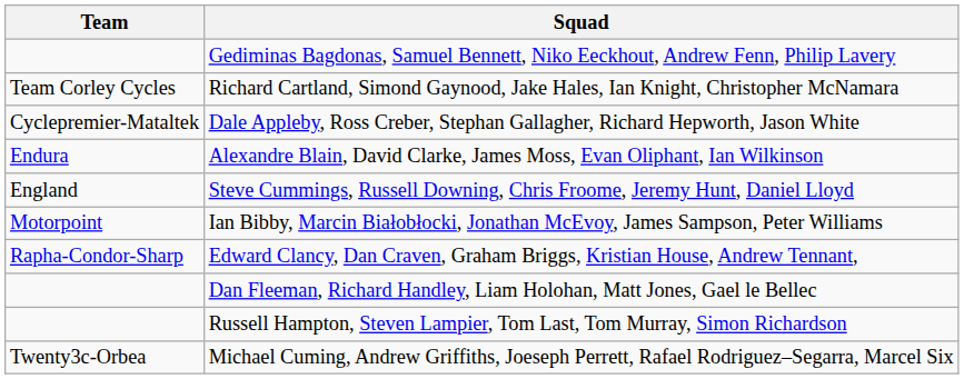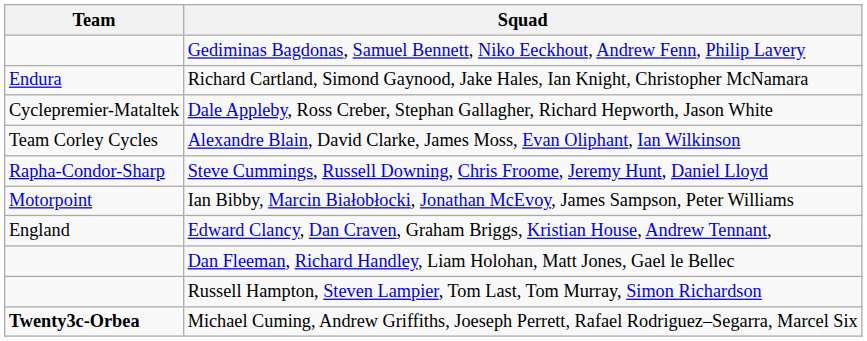 <table class="wikitable" style="font-size:90%">
 <tr>
 <th>Team</th>
 <th>Squad</th>
 </tr>
 <tr>
 <td></td>
 <td><a href='#'>Gediminas Bagdonas</a>, <a href='#'>Samuel Bennett</a>, <a href='#'>Niko Eeckhout</a>, <a href='#'>Andrew Fenn</a>, <a href='#'>Philip Lavery</a></td>
 </tr>
 <tr>
-<td>Team Corley Cycles</td>
+<td><a href='#'>Endura</a></td>
 <td>Richard Cartland, Simond Gaynood, Jake Hales, Ian Knight, Christopher McNamara</td>
 </tr>
 <tr>
 <td>Cyclepremier-Mataltek</td>
 <td><a href='#'>Dale Appleby</a>, Ross Creber, Stephan Gallagher, Richard Hepworth, Jason White</td>
 </tr>
 <tr>
-<td><a href='#'>Endura</a></td>
+<td>Team Corley Cycles</td>
 <td><a href='#'>Alexandre Blain</a>, David Clarke, James Moss, <a href='#'>Evan Oliphant</a>, <a href='#'>Ian Wilkinson</a></td>
 </tr>
 <tr>
-<td>England</td>
+<td><a href='#'>Rapha-Condor-Sharp</a></td>
 <td><a href='#'>Steve Cummings</a>, <a href='#'>Russell Downing</a>, <a href='#'>Chris Froome</a>, <a href='#'>Jeremy Hunt</a>, <a href='#'>Daniel Lloyd</a></td>
 </tr>
 <tr>
 <td><a href='#'>Motorpoint</a></td>
 <td>Ian Bibby, <a href='#'>Marcin Białobłocki</a>,  <a href='#'>Jonathan McEvoy</a>, James Sampson, Peter Williams</td>
 </tr>
 <tr>
-<td><a href='#'>Rapha-Condor-Sharp</a></td>
+<td>England</td>
 <td><a href='#'>Edward Clancy</a>, <a href='#'>Dan Craven</a>,  Graham Briggs, <a href='#'>Kristian House</a>, <a href='#'>Andrew Tennant</a>,</td>
 </tr>
 <tr>
 <td></td>
 <td><a href='#'>Dan Fleeman</a>, <a href='#'>Richard Handley</a>, Liam Holohan, Matt Jones, Gael le Bellec</td>
 </tr>
 <tr>
 <td></td>
 <td>Russell Hampton, <a href='#'>Steven Lampier</a>, Tom Last, Tom Murray, <a href='#'>Simon Richardson</a></td>
 </tr>
 <tr>
-<td>Twenty3c-Orbea</td>
+<td><strong>Twenty3c-Orbea</strong></td>
 <td>Michael Cuming, Andrew Griffiths, Joeseph Perrett, Rafael Rodriguez–Segarra,  Marcel Six</td>
 </tr>
 </table>
